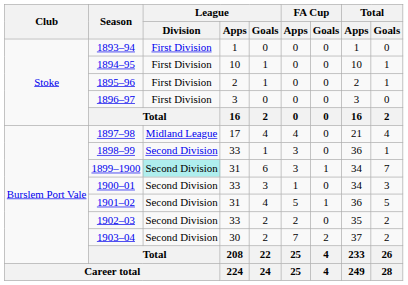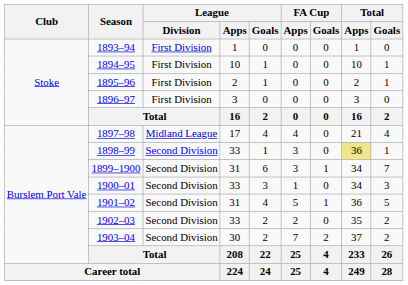 <table class="wikitable" style="text-align: center;">
 <tr>
 <th rowspan="2">Club</th>
 <th rowspan="2">Season</th>
 <th colspan="3">League</th>
 <th colspan="2">FA Cup</th>
 <th colspan="2">Total</th>
 </tr>
 <tr>
 <th>Division</th>
 <th>Apps</th>
 <th>Goals</th>
 <th>Apps</th>
 <th>Goals</th>
 <th>Apps</th>
 <th>Goals</th>
 </tr>
 <tr>
 <td rowspan="5"><a href='#'>Stoke</a></td>
 <td><a href='#'>1893–94</a></td>
 <td><a href='#'>First Division</a></td>
 <td>1</td>
 <td>0</td>
 <td>0</td>
 <td>0</td>
 <td>1</td>
 <td>0</td>
 </tr>
 <tr>
 <td><a href='#'>1894–95</a></td>
 <td>First Division</td>
 <td>10</td>
 <td>1</td>
 <td>0</td>
 <td>0</td>
 <td>10</td>
 <td>1</td>
 </tr>
 <tr>
 <td><a href='#'>1895–96</a></td>
 <td>First Division</td>
 <td>2</td>
 <td>1</td>
 <td>0</td>
 <td>0</td>
 <td>2</td>
 <td>1</td>
 </tr>
 <tr>
 <td><a href='#'>1896–97</a></td>
 <td>First Division</td>
 <td>3</td>
 <td>0</td>
 <td>0</td>
 <td>0</td>
 <td>3</td>
 <td>0</td>
 </tr>
 <tr>
 <th colspan="2">Total</th>
 <th>16</th>
 <th>2</th>
 <th>0</th>
 <th>0</th>
 <th>16</th>
 <th>2</th>
 </tr>
 <tr>
 <td rowspan="8"><a href='#'>Burslem Port Vale</a></td>
 <td><a href='#'>1897–98</a></td>
 <td><a href='#'>Midland League</a></td>
 <td>17</td>
 <td>4</td>
 <td>4</td>
 <td>0</td>
 <td>21</td>
 <td>4</td>
 </tr>
 <tr>
 <td><a href='#'>1898–99</a></td>
 <td><a href='#'>Second Division</a></td>
 <td>33</td>
 <td>1</td>
 <td>3</td>
 <td>0</td>
-<td>36</td>
+<td style="background: khaki;">36</td>
 <td>1</td>
 </tr>
 <tr>
 <td><a href='#'>1899–1900</a></td>
-<td style="background: paleturquoise;">Second Division</td>
+<td>Second Division</td>
 <td>31</td>
 <td>6</td>
 <td>3</td>
 <td>1</td>
 <td>34</td>
 <td>7</td>
 </tr>
 <tr>
 <td><a href='#'>1900–01</a></td>
 <td>Second Division</td>
 <td>33</td>
 <td>3</td>
 <td>1</td>
 <td>0</td>
 <td>34</td>
 <td>3</td>
 </tr>
 <tr>
 <td><a href='#'>1901–02</a></td>
 <td>Second Division</td>
 <td>31</td>
 <td>4</td>
 <td>5</td>
 <td>1</td>
 <td>36</td>
 <td>5</td>
 </tr>
 <tr>
 <td><a href='#'>1902–03</a></td>
 <td>Second Division</td>
 <td>33</td>
 <td>2</td>
 <td>2</td>
 <td>0</td>
 <td>35</td>
 <td>2</td>
 </tr>
 <tr>
 <td><a href='#'>1903–04</a></td>
 <td>Second Division</td>
 <td>30</td>
 <td>2</td>
 <td>7</td>
 <td>2</td>
 <td>37</td>
 <td>2</td>
 </tr>
 <tr>
 <th colspan="2">Total</th>
 <th>208</th>
 <th>22</th>
 <th>25</th>
 <th>4</th>
 <th>233</th>
 <th>26</th>
 </tr>
 <tr>
 <th colspan="3">Career total</th>
 <th>224</th>
 <th>24</th>
 <th>25</th>
 <th>4</th>
 <th>249</th>
 <th>28</th>
 </tr>
 </table>
